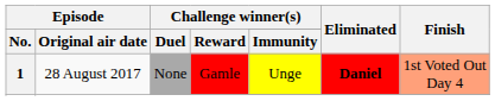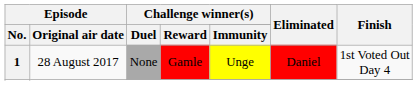 <table class="wikitable" style="margin:auto; text-align:center">
 <tr>
 <th colspan=2>Episode</th>
 <th colspan=3>Challenge winner(s)</th>
 <th rowspan=3>Eliminated</th>
 <th rowspan=3>Finish</th>
 </tr>
 <tr>
 <th rowspan="2">No.</th>
 <th rowspan="2">Original air date</th>
 <th rowspan="2">Duel</th>
 <th rowspan="2">Reward</th>
 </tr>
 <tr>
 <th>Immunity</th>
 </tr>
 <tr>
 <th scope="row" align="left" rowspan="2">1</th>
 <td rowspan="2">28 August 2017</td>
 <td bgcolor="darkgray">None</td>
 <td bgcolor="red">Gamle</td>
 <td bgcolor="yellow">Unge</td>
-<td bgcolor="red"><strong>Daniel</strong></td>
-<td style="background: lightsalmon;">1st Voted Out<br>Day 4</td>
+<td bgcolor="red">Daniel</td>
+<td>1st Voted Out<br>Day 4</td>
 </tr>
 <tr>
 </tr>
 </table>
